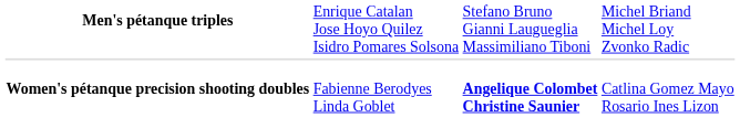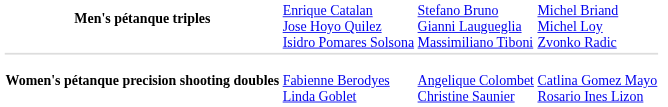 <table>
 <tr>
 <th scope="row">Men's pétanque triples</th>
 <td><br><a href='#'>Enrique Catalan</a><br><a href='#'>Jose Hoyo Quilez</a><br><a href='#'>Isidro Pomares Solsona</a></td>
 <td><br><a href='#'>Stefano Bruno</a><br><a href='#'>Gianni Laugueglia</a><br><a href='#'>Massimiliano Tiboni</a></td>
 <td><br><a href='#'>Michel Briand</a><br><a href='#'>Michel Loy</a><br><a href='#'>Zvonko Radic</a></td>
 </tr>
 <tr bgcolor=#DDDDDD>
 <td colspan=4></td>
 </tr>
 <tr>
 <th scope="row">Women's pétanque precision shooting doubles</th>
 <td><br><a href='#'>Fabienne Berodyes</a><br><a href='#'>Linda Goblet</a></td>
-<td><strong><br><a href='#'>Angelique Colombet</a><br><a href='#'>Christine Saunier</a></strong></td>
+<td><br><a href='#'>Angelique Colombet</a><br><a href='#'>Christine Saunier</a></td>
 <td><br><a href='#'>Catlina Gomez Mayo</a><br><a href='#'>Rosario Ines Lizon</a></td>
 </tr>
 </table>
